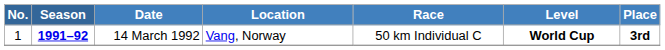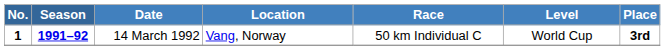 <table class="wikitable sortable" style="font-size:95%; text-align:center; border:grey solid 1px; border-collapse:collapse; background:#ffffff;">
 <tr style="background:#efefef;">
 <th style="background-color:#369; color:white;">No.</th>
 <th style="background-color:#369; color:white;">Season</th>
 <th style="background-color:#4180be; color:white; width:120px;">Date</th>
 <th style="background-color:#4180be; color:white; width:170px;">Location</th>
 <th style="background-color:#4180be; color:white; width:170px;">Race</th>
 <th style="background-color:#4180be; color:white; width:130px;">Level</th>
 <th style="background-color:#4180be; color:white;">Place</th>
 </tr>
 <tr>
-<td align=center>1</td>
+<td align=center><strong>1</strong></td>
 <td rowspan=1 align=center><strong> <a href='#'>1991–92</a> </strong></td>
 <td align=right>14 March 1992</td>
 <td align=left> <a href='#'>Vang</a>, Norway</td>
 <td>50 km Individual C</td>
-<td><strong>World Cup</strong></td>
+<td>World Cup</td>
 <td><strong>3rd</strong></td>
 </tr>
 <tr>
 </tr>
 </table>
